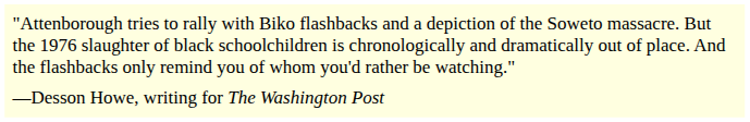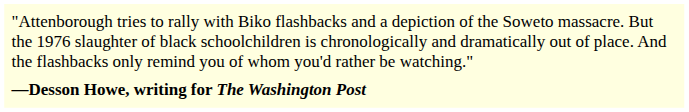 <table class="toccolours" style="float: right; margin-left: 1em; margin-right: 2em; font-size: 85%; background:#FFFFE0; colour:black; width:40em; max-width: 80%;" cellspacing="5">
 <tr>
 <td style="text-align: left;">"Attenborough tries to rally with Biko flashbacks and a depiction of the Soweto massacre. But the 1976 slaughter of black schoolchildren is chronologically and dramatically out of place. And the flashbacks only remind you of whom you'd rather be watching."</td>
 </tr>
 <tr>
-<td style="text-align: left;">—Desson Howe, writing for <em>The Washington Post</em></td>
+<td style="text-align: left;"><strong>—Desson Howe, writing for <em>The Washington Post</em></strong></td>
 </tr>
 </table>
